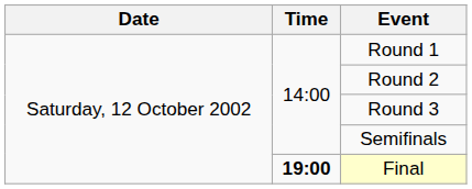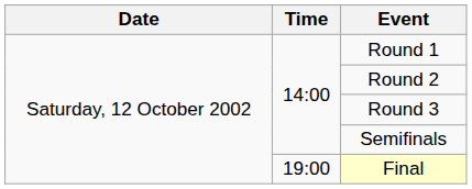 <table class = "wikitable" style="text-align:center;">
 <tr>
 <th width=220>Date</th>
 <th width=50>Time</th>
 <th width=100>Event</th>
 </tr>
 <tr>
 <td rowspan=5>Saturday, 12 October 2002</td>
 <td rowspan=4>14:00</td>
 <td>Round 1</td>
 </tr>
 <tr>
 <td>Round 2</td>
 </tr>
 <tr>
 <td>Round 3</td>
 </tr>
 <tr>
 <td>Semifinals</td>
 </tr>
 <tr>
-<td><strong>19:00</strong></td>
+<td>19:00</td>
 <td bgcolor=ffffcc>Final</td>
 </tr>
 </table>
